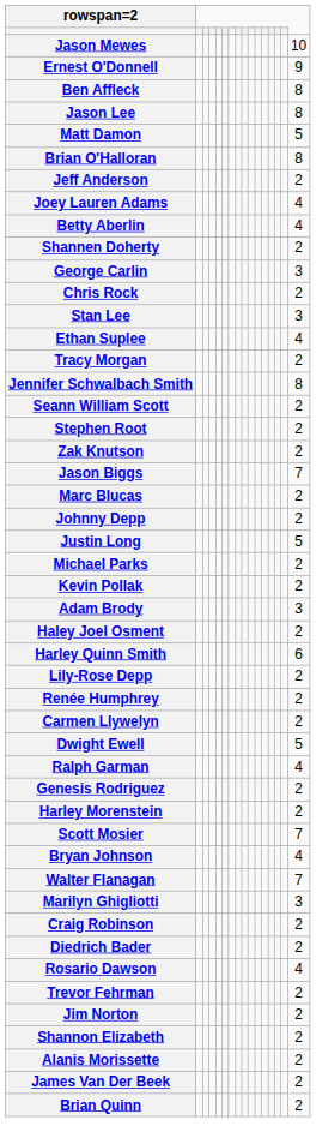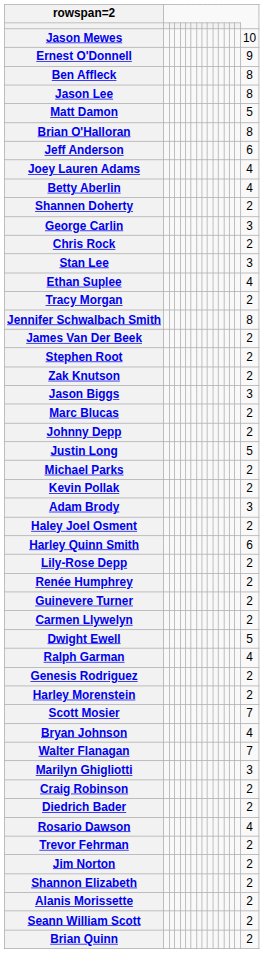 <table class="wikitable sortable plainrowheaders" style="text-align:center;">
 <tr>
 <th>rowspan=2 </th>
 </tr>
 <tr>
 <th></th>
 <th></th>
 <th></th>
 <th></th>
 <th></th>
 <th></th>
 <th></th>
 <th></th>
 <th></th>
 <th></th>
 <th></th>
 <th></th>
 <th></th>
 <th></th>
 <th></th>
 </tr>
 <tr>
 <th scope="row"><a href='#'>Jason Mewes</a></th>
 <td></td>
 <td></td>
 <td></td>
 <td></td>
 <td></td>
 <td></td>
 <td></td>
 <td></td>
 <td></td>
 <td></td>
 <td></td>
 <td></td>
 <td></td>
 <td></td>
 <td>10</td>
 </tr>
 <tr>
 <th scope="row"><a href='#'>Ernest O'Donnell</a></th>
 <td></td>
 <td></td>
 <td></td>
 <td></td>
 <td></td>
 <td></td>
 <td></td>
 <td></td>
 <td></td>
 <td></td>
 <td></td>
 <td></td>
 <td></td>
 <td></td>
 <td>9</td>
 </tr>
 <tr>
 <th scope="row"><a href='#'>Ben Affleck</a></th>
 <td></td>
 <td></td>
 <td></td>
 <td></td>
 <td></td>
 <td></td>
 <td></td>
 <td></td>
 <td></td>
 <td></td>
 <td></td>
 <td></td>
 <td></td>
 <td></td>
 <td>8</td>
 </tr>
 <tr>
 <th scope="row"><a href='#'>Jason Lee</a></th>
 <td></td>
 <td></td>
 <td></td>
 <td></td>
 <td></td>
 <td></td>
 <td></td>
 <td></td>
 <td></td>
 <td></td>
 <td></td>
 <td></td>
 <td></td>
 <td></td>
 <td>8</td>
 </tr>
 <tr>
 <th scope="row"><a href='#'>Matt Damon</a></th>
 <td></td>
 <td></td>
 <td></td>
 <td></td>
 <td></td>
 <td></td>
 <td></td>
 <td></td>
 <td></td>
 <td></td>
 <td></td>
 <td></td>
 <td></td>
 <td></td>
 <td>5</td>
 </tr>
 <tr>
 <th scope="row"><a href='#'>Brian O'Halloran</a></th>
 <td></td>
 <td></td>
 <td></td>
 <td></td>
 <td></td>
 <td></td>
 <td></td>
 <td></td>
 <td></td>
 <td></td>
 <td></td>
 <td></td>
 <td></td>
 <td></td>
 <td>8</td>
 </tr>
 <tr>
 <th scope="row"><a href='#'>Jeff Anderson</a></th>
 <td></td>
 <td></td>
 <td></td>
 <td></td>
 <td></td>
 <td></td>
 <td></td>
 <td></td>
 <td></td>
 <td></td>
 <td></td>
 <td></td>
 <td></td>
 <td></td>
-<td>2</td>
+<td>6</td>
 </tr>
 <tr>
 <th scope="row"><a href='#'>Joey Lauren Adams</a></th>
 <td></td>
 <td></td>
 <td></td>
 <td></td>
 <td></td>
 <td></td>
 <td></td>
 <td></td>
 <td></td>
 <td></td>
 <td></td>
 <td></td>
 <td></td>
 <td></td>
 <td>4</td>
 </tr>
 <tr>
 <th scope="row"><a href='#'>Betty Aberlin</a></th>
 <td></td>
 <td></td>
 <td></td>
 <td></td>
 <td></td>
 <td></td>
 <td></td>
 <td></td>
 <td></td>
 <td></td>
 <td></td>
 <td></td>
 <td></td>
 <td></td>
 <td>4</td>
 </tr>
 <tr>
 <th scope="row"><a href='#'>Shannen Doherty</a></th>
 <td></td>
 <td></td>
 <td></td>
 <td></td>
 <td></td>
 <td></td>
 <td></td>
 <td></td>
 <td></td>
 <td></td>
 <td></td>
 <td></td>
 <td></td>
 <td></td>
 <td>2</td>
 </tr>
 <tr>
 <th scope="row"><a href='#'>George Carlin</a></th>
 <td></td>
 <td></td>
 <td></td>
 <td></td>
 <td></td>
 <td></td>
 <td></td>
 <td></td>
 <td></td>
 <td></td>
 <td></td>
 <td></td>
 <td></td>
 <td></td>
 <td>3</td>
 </tr>
 <tr>
 <th scope="row"><a href='#'>Chris Rock</a></th>
 <td></td>
 <td></td>
 <td></td>
 <td></td>
 <td></td>
 <td></td>
 <td></td>
 <td></td>
 <td></td>
 <td></td>
 <td></td>
 <td></td>
 <td></td>
 <td></td>
 <td>2</td>
 </tr>
 <tr>
 <th scope="row"><a href='#'>Stan Lee</a></th>
 <td></td>
 <td></td>
 <td></td>
 <td></td>
 <td></td>
 <td></td>
 <td></td>
 <td></td>
 <td></td>
 <td></td>
 <td></td>
 <td></td>
 <td></td>
 <td></td>
 <td>3</td>
 </tr>
 <tr>
 <th scope="row"><a href='#'>Ethan Suplee</a></th>
 <td></td>
 <td></td>
 <td></td>
 <td></td>
 <td></td>
 <td></td>
 <td></td>
 <td></td>
 <td></td>
 <td></td>
 <td></td>
 <td></td>
 <td></td>
 <td></td>
 <td>4</td>
 </tr>
 <tr>
 <th scope="row"><a href='#'>Tracy Morgan</a></th>
 <td></td>
 <td></td>
 <td></td>
 <td></td>
 <td></td>
 <td></td>
 <td></td>
 <td></td>
 <td></td>
 <td></td>
 <td></td>
 <td></td>
 <td></td>
 <td></td>
 <td>2</td>
 </tr>
 <tr>
 <th scope="row"><a href='#'>Jennifer Schwalbach Smith</a></th>
 <td></td>
 <td></td>
 <td></td>
 <td></td>
 <td></td>
 <td></td>
 <td></td>
 <td></td>
 <td></td>
 <td></td>
 <td></td>
 <td></td>
 <td></td>
 <td></td>
 <td>8</td>
 </tr>
 <tr>
-<th scope="row"><a href='#'>Seann William Scott</a></th>
+<th scope="row"><a href='#'>James Van Der Beek</a></th>
 <td></td>
 <td></td>
 <td></td>
 <td></td>
 <td></td>
 <td></td>
 <td></td>
 <td></td>
 <td></td>
 <td></td>
 <td></td>
 <td></td>
 <td></td>
 <td></td>
 <td>2</td>
 </tr>
 <tr>
 <th scope="row"><a href='#'>Stephen Root</a></th>
 <td></td>
 <td></td>
 <td></td>
 <td></td>
 <td></td>
 <td></td>
 <td></td>
 <td></td>
 <td></td>
 <td></td>
 <td></td>
 <td></td>
 <td></td>
 <td></td>
 <td>2</td>
 </tr>
 <tr>
 <th scope="row"><a href='#'>Zak Knutson</a></th>
 <td></td>
 <td></td>
 <td></td>
 <td></td>
 <td></td>
 <td></td>
 <td></td>
 <td></td>
 <td></td>
 <td></td>
 <td></td>
 <td></td>
 <td></td>
 <td></td>
 <td>2</td>
 </tr>
 <tr>
 <th scope="row"><a href='#'>Jason Biggs</a></th>
 <td></td>
 <td></td>
 <td></td>
 <td></td>
 <td></td>
 <td></td>
 <td></td>
 <td></td>
 <td></td>
 <td></td>
 <td></td>
 <td></td>
 <td></td>
 <td></td>
-<td>7</td>
+<td>3</td>
 </tr>
 <tr>
 <th scope="row"><a href='#'>Marc Blucas</a></th>
 <td></td>
 <td></td>
 <td></td>
 <td></td>
 <td></td>
 <td></td>
 <td></td>
 <td></td>
 <td></td>
 <td></td>
 <td></td>
 <td></td>
 <td></td>
 <td></td>
 <td>2</td>
 </tr>
 <tr>
 <th scope="row"><a href='#'>Johnny Depp</a></th>
 <td></td>
 <td></td>
 <td></td>
 <td></td>
 <td></td>
 <td></td>
 <td></td>
 <td></td>
 <td></td>
 <td></td>
 <td></td>
 <td></td>
 <td></td>
 <td></td>
 <td>2</td>
 </tr>
 <tr>
 <th scope="row"><a href='#'>Justin Long</a></th>
 <td></td>
 <td></td>
 <td></td>
 <td></td>
 <td></td>
 <td></td>
 <td></td>
 <td></td>
 <td></td>
 <td></td>
 <td></td>
 <td></td>
 <td></td>
 <td></td>
 <td>5</td>
 </tr>
 <tr>
 <th scope="row"><a href='#'>Michael Parks</a></th>
 <td></td>
 <td></td>
 <td></td>
 <td></td>
 <td></td>
 <td></td>
 <td></td>
 <td></td>
 <td></td>
 <td></td>
 <td></td>
 <td></td>
 <td></td>
 <td></td>
 <td>2</td>
 </tr>
 <tr>
 <th scope="row"><a href='#'>Kevin Pollak</a></th>
 <td></td>
 <td></td>
 <td></td>
 <td></td>
 <td></td>
 <td></td>
 <td></td>
 <td></td>
 <td></td>
 <td></td>
 <td></td>
 <td></td>
 <td></td>
 <td></td>
 <td>2</td>
 </tr>
 <tr>
 <th scope="row"><a href='#'>Adam Brody</a></th>
 <td></td>
 <td></td>
 <td></td>
 <td></td>
 <td></td>
 <td></td>
 <td></td>
 <td></td>
 <td></td>
 <td></td>
 <td></td>
 <td></td>
 <td></td>
 <td></td>
 <td>3</td>
 </tr>
 <tr>
 <th scope="row"><a href='#'>Haley Joel Osment</a></th>
 <td></td>
 <td></td>
 <td></td>
 <td></td>
 <td></td>
 <td></td>
 <td></td>
 <td></td>
 <td></td>
 <td></td>
 <td></td>
 <td></td>
 <td></td>
 <td></td>
 <td>2</td>
 </tr>
 <tr>
 <th scope="row"><a href='#'>Harley Quinn Smith</a></th>
 <td></td>
 <td></td>
 <td></td>
 <td></td>
 <td></td>
 <td></td>
 <td></td>
 <td></td>
 <td></td>
 <td></td>
 <td></td>
 <td></td>
 <td></td>
 <td></td>
 <td>6</td>
 </tr>
 <tr>
 <th scope="row"><a href='#'>Lily-Rose Depp</a></th>
 <td></td>
 <td></td>
 <td></td>
 <td></td>
 <td></td>
 <td></td>
 <td></td>
 <td></td>
 <td></td>
 <td></td>
 <td></td>
 <td></td>
 <td></td>
 <td></td>
 <td>2</td>
 </tr>
 <tr>
 <th scope="row"><a href='#'>Renée Humphrey</a></th>
+<td></td>
+<td></td>
+<td></td>
+<td></td>
+<td></td>
+<td></td>
+<td></td>
+<td></td>
+<td></td>
+<td></td>
+<td></td>
+<td></td>
+<td></td>
+<td></td>
+<td>2</td>
+</tr>
+<tr>
+<th scope="row"><a href='#'>Guinevere Turner</a></th>
 <td></td>
 <td></td>
 <td></td>
 <td></td>
 <td></td>
 <td></td>
 <td></td>
 <td></td>
 <td></td>
 <td></td>
 <td></td>
 <td></td>
 <td></td>
 <td></td>
 <td>2</td>
 </tr>
 <tr>
 <th scope="row"><a href='#'>Carmen Llywelyn</a></th>
 <td></td>
 <td></td>
 <td></td>
 <td></td>
 <td></td>
 <td></td>
 <td></td>
 <td></td>
 <td></td>
 <td></td>
 <td></td>
 <td></td>
 <td></td>
 <td></td>
 <td>2</td>
 </tr>
 <tr>
 <th scope="row"><a href='#'>Dwight Ewell</a></th>
 <td></td>
 <td></td>
 <td></td>
 <td></td>
 <td></td>
 <td></td>
 <td></td>
 <td></td>
 <td></td>
 <td></td>
 <td></td>
 <td></td>
 <td></td>
 <td></td>
 <td>5</td>
 </tr>
 <tr>
 <th scope="row"><a href='#'>Ralph Garman</a></th>
 <td></td>
 <td></td>
 <td></td>
 <td></td>
 <td></td>
 <td></td>
 <td></td>
 <td></td>
 <td></td>
 <td></td>
 <td></td>
 <td></td>
 <td></td>
 <td></td>
 <td>4</td>
 </tr>
 <tr>
 <th scope="row"><a href='#'>Genesis Rodriguez</a></th>
 <td></td>
 <td></td>
 <td></td>
 <td></td>
 <td></td>
 <td></td>
 <td></td>
 <td></td>
 <td></td>
 <td></td>
 <td></td>
 <td></td>
 <td></td>
 <td></td>
 <td>2</td>
 </tr>
 <tr>
 <th scope="row"><a href='#'>Harley Morenstein</a></th>
 <td></td>
 <td></td>
 <td></td>
 <td></td>
 <td></td>
 <td></td>
 <td></td>
 <td></td>
 <td></td>
 <td></td>
 <td></td>
 <td></td>
 <td></td>
 <td></td>
 <td>2</td>
 </tr>
 <tr>
 <th scope="row"><a href='#'>Scott Mosier</a></th>
 <td></td>
 <td></td>
 <td></td>
 <td></td>
 <td></td>
 <td></td>
 <td></td>
 <td></td>
 <td></td>
 <td></td>
 <td></td>
 <td></td>
 <td></td>
 <td></td>
 <td>7</td>
 </tr>
 <tr>
 <th scope="row"><a href='#'>Bryan Johnson</a></th>
 <td></td>
 <td></td>
 <td></td>
 <td></td>
 <td></td>
 <td></td>
 <td></td>
 <td></td>
 <td></td>
 <td></td>
 <td></td>
 <td></td>
 <td></td>
 <td></td>
 <td>4</td>
 </tr>
 <tr>
 <th scope="row"><a href='#'>Walter Flanagan</a></th>
 <td></td>
 <td></td>
 <td></td>
 <td></td>
 <td></td>
 <td></td>
 <td></td>
 <td></td>
 <td></td>
 <td></td>
 <td></td>
 <td></td>
 <td></td>
 <td></td>
 <td>7</td>
 </tr>
 <tr>
 <th scope="row"><a href='#'>Marilyn Ghigliotti</a></th>
 <td></td>
 <td></td>
 <td></td>
 <td></td>
 <td></td>
 <td></td>
 <td></td>
 <td></td>
 <td></td>
 <td></td>
 <td></td>
 <td></td>
 <td></td>
 <td></td>
 <td>3</td>
 </tr>
 <tr>
 <th scope="row"><a href='#'>Craig Robinson</a></th>
 <td></td>
 <td></td>
 <td></td>
 <td></td>
 <td></td>
 <td></td>
 <td></td>
 <td></td>
 <td></td>
 <td></td>
 <td></td>
 <td></td>
 <td></td>
 <td></td>
 <td>2</td>
 </tr>
 <tr>
 <th scope="row"><a href='#'>Diedrich Bader</a></th>
 <td></td>
 <td></td>
 <td></td>
 <td></td>
 <td></td>
 <td></td>
 <td></td>
 <td></td>
 <td></td>
 <td></td>
 <td></td>
 <td></td>
 <td></td>
 <td></td>
 <td>2</td>
 </tr>
 <tr>
 <th scope="row"><a href='#'>Rosario Dawson</a></th>
 <td></td>
 <td></td>
 <td></td>
 <td></td>
 <td></td>
 <td></td>
 <td></td>
 <td></td>
 <td></td>
 <td></td>
 <td></td>
 <td></td>
 <td></td>
 <td></td>
 <td>4</td>
 </tr>
 <tr>
 <th scope="row"><a href='#'>Trevor Fehrman</a></th>
 <td></td>
 <td></td>
 <td></td>
 <td></td>
 <td></td>
 <td></td>
 <td></td>
 <td></td>
 <td></td>
 <td></td>
 <td></td>
 <td></td>
 <td></td>
 <td></td>
 <td>2</td>
 </tr>
 <tr>
 <th scope="row"><a href='#'>Jim Norton</a></th>
 <td></td>
 <td></td>
 <td></td>
 <td></td>
 <td></td>
 <td></td>
 <td></td>
 <td></td>
 <td></td>
 <td></td>
 <td></td>
 <td></td>
 <td></td>
 <td></td>
 <td>2</td>
 </tr>
 <tr>
 <th scope="row"><a href='#'>Shannon Elizabeth</a></th>
 <td></td>
 <td></td>
 <td></td>
 <td></td>
 <td></td>
 <td></td>
 <td></td>
 <td></td>
 <td></td>
 <td></td>
 <td></td>
 <td></td>
 <td></td>
 <td></td>
 <td>2</td>
 </tr>
 <tr>
 <th scope="row"><a href='#'>Alanis Morissette</a></th>
 <td></td>
 <td></td>
 <td></td>
 <td></td>
 <td></td>
 <td></td>
 <td></td>
 <td></td>
 <td></td>
 <td></td>
 <td></td>
 <td></td>
 <td></td>
 <td></td>
 <td>2</td>
 </tr>
 <tr>
-<th scope="row"><a href='#'>James Van Der Beek</a></th>
+<th scope="row"><a href='#'>Seann William Scott</a></th>
 <td></td>
 <td></td>
 <td></td>
 <td></td>
 <td></td>
 <td></td>
 <td></td>
 <td></td>
 <td></td>
 <td></td>
 <td></td>
 <td></td>
 <td></td>
 <td></td>
 <td>2</td>
 </tr>
 <tr>
 <th scope="row"><a href='#'>Brian Quinn</a></th>
 <td></td>
 <td></td>
 <td></td>
 <td></td>
 <td></td>
 <td></td>
 <td></td>
 <td></td>
 <td></td>
 <td></td>
 <td></td>
 <td></td>
 <td></td>
 <td></td>
 <td>2</td>
 </tr>
 </table>
